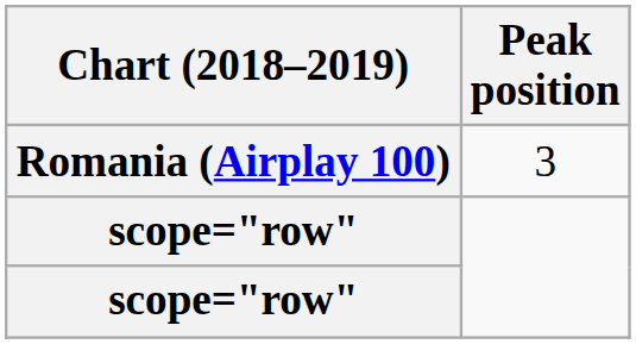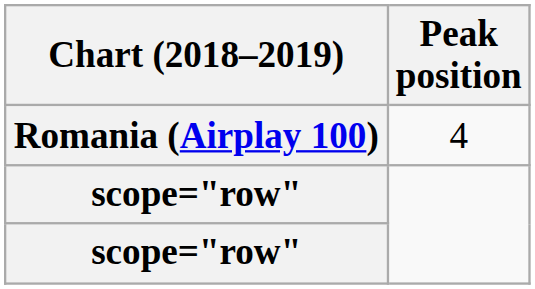 <table class="wikitable sortable plainrowheaders" style="text-align:center">
 <tr>
 <th>Chart (2018–2019)</th>
 <th>Peak<br>position</th>
 </tr>
 <tr>
 <th scope="row">Romania (<a href='#'>Airplay 100</a>)</th>
-<td>3</td>
+<td>4</td>
 </tr>
 <tr>
 <th>scope="row"</th>
 </tr>
 <tr>
 <th>scope="row"</th>
 </tr>
 </table>
